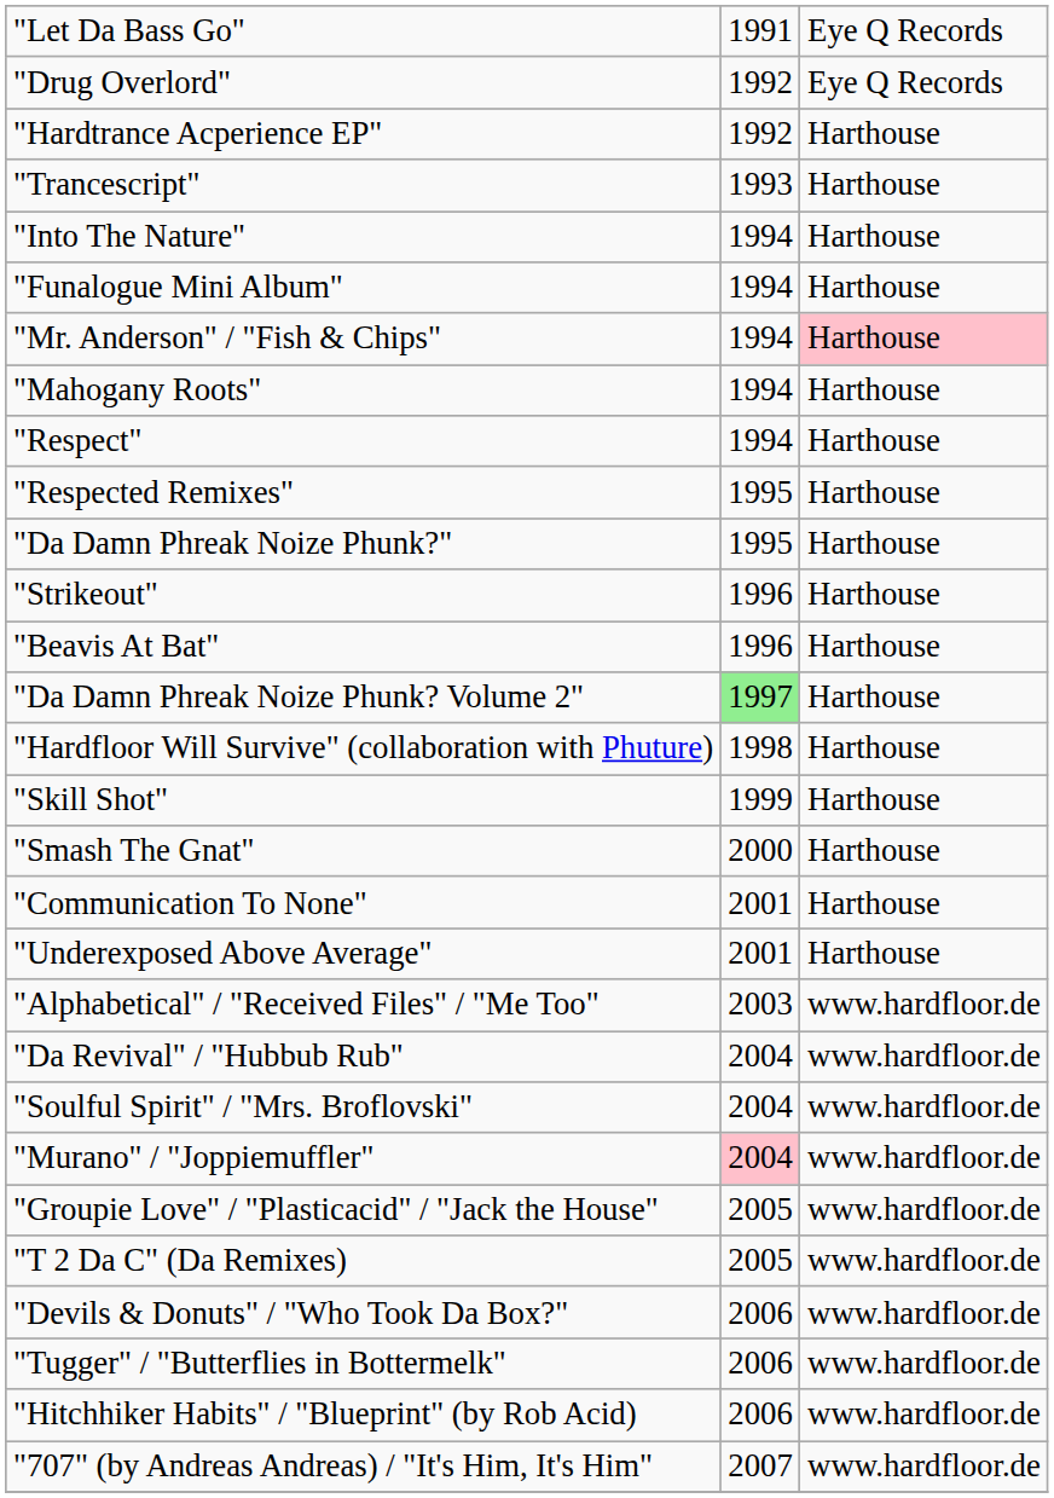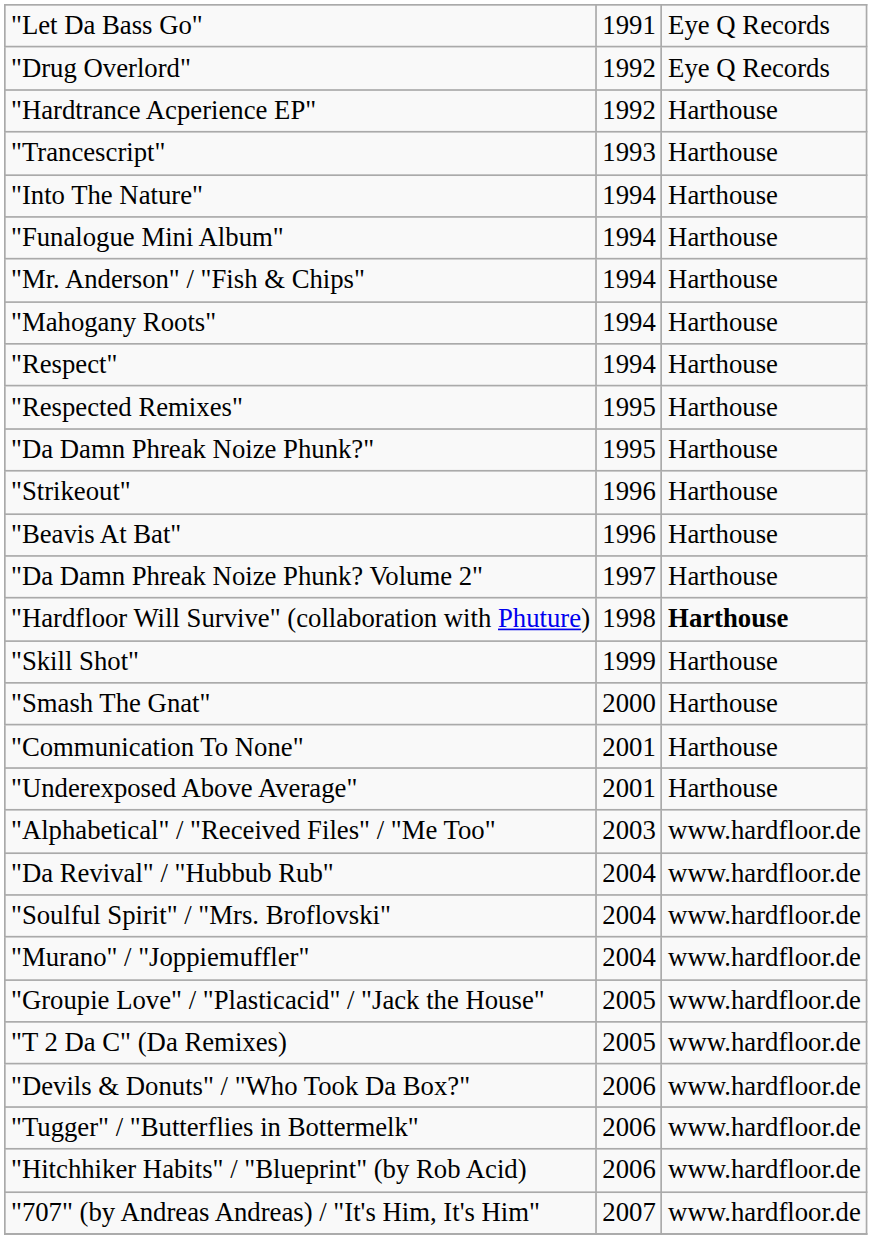 <table class="wikitable">
 <tr>
 <td>"Let Da Bass Go"</td>
 <td>1991</td>
 <td>Eye Q Records</td>
 </tr>
 <tr>
 <td>"Drug Overlord"</td>
 <td>1992</td>
 <td>Eye Q Records</td>
 </tr>
 <tr>
 <td>"Hardtrance Acperience EP"</td>
 <td>1992</td>
 <td>Harthouse</td>
 </tr>
 <tr>
 <td>"Trancescript"</td>
 <td>1993</td>
 <td>Harthouse</td>
 </tr>
 <tr>
 <td>"Into The Nature"</td>
 <td>1994</td>
 <td>Harthouse</td>
 </tr>
 <tr>
 <td>"Funalogue Mini Album"</td>
 <td>1994</td>
 <td>Harthouse</td>
 </tr>
 <tr>
 <td>"Mr. Anderson" / "Fish & Chips"</td>
 <td>1994</td>
-<td style="background: pink;">Harthouse</td>
+<td>Harthouse</td>
 </tr>
 <tr>
 <td>"Mahogany Roots"</td>
 <td>1994</td>
 <td>Harthouse</td>
 </tr>
 <tr>
 <td>"Respect"</td>
 <td>1994</td>
 <td>Harthouse</td>
 </tr>
 <tr>
 <td>"Respected Remixes"</td>
 <td>1995</td>
 <td>Harthouse</td>
 </tr>
 <tr>
 <td>"Da Damn Phreak Noize Phunk?"</td>
 <td>1995</td>
 <td>Harthouse</td>
 </tr>
 <tr>
 <td>"Strikeout"</td>
 <td>1996</td>
 <td>Harthouse</td>
 </tr>
 <tr>
 <td>"Beavis At Bat"</td>
 <td>1996</td>
 <td>Harthouse</td>
 </tr>
 <tr>
 <td>"Da Damn Phreak Noize Phunk? Volume 2"</td>
-<td style="background: lightgreen;">1997</td>
+<td>1997</td>
 <td>Harthouse</td>
 </tr>
 <tr>
 <td>"Hardfloor Will Survive" (collaboration with <a href='#'>Phuture</a>)</td>
 <td>1998</td>
-<td>Harthouse</td>
+<td><strong>Harthouse</strong></td>
 </tr>
 <tr>
 <td>"Skill Shot"</td>
 <td>1999</td>
 <td>Harthouse</td>
 </tr>
 <tr>
 <td>"Smash The Gnat"</td>
 <td>2000</td>
 <td>Harthouse</td>
 </tr>
 <tr>
 <td>"Communication To None"</td>
 <td>2001</td>
 <td>Harthouse</td>
 </tr>
 <tr>
 <td>"Underexposed Above Average"</td>
 <td>2001</td>
 <td>Harthouse</td>
 </tr>
 <tr>
 <td>"Alphabetical" / "Received Files" / "Me Too"</td>
 <td>2003</td>
 <td>www.hardfloor.de</td>
 </tr>
 <tr>
 <td>"Da Revival" / "Hubbub Rub"</td>
 <td>2004</td>
 <td>www.hardfloor.de</td>
 </tr>
 <tr>
 <td>"Soulful Spirit" / "Mrs. Broflovski"</td>
 <td>2004</td>
 <td>www.hardfloor.de</td>
 </tr>
 <tr>
 <td>"Murano" / "Joppiemuffler"</td>
-<td style="background: pink;">2004</td>
+<td>2004</td>
 <td>www.hardfloor.de</td>
 </tr>
 <tr>
 <td>"Groupie Love" / "Plasticacid" / "Jack the House"</td>
 <td>2005</td>
 <td>www.hardfloor.de</td>
 </tr>
 <tr>
 <td>"T 2 Da C" (Da Remixes)</td>
 <td>2005</td>
 <td>www.hardfloor.de</td>
 </tr>
 <tr>
 <td>"Devils & Donuts" / "Who Took Da Box?"</td>
 <td>2006</td>
 <td>www.hardfloor.de</td>
 </tr>
 <tr>
 <td>"Tugger" / "Butterflies in Bottermelk"</td>
 <td>2006</td>
 <td>www.hardfloor.de</td>
 </tr>
 <tr>
 <td>"Hitchhiker Habits" / "Blueprint" (by Rob Acid)</td>
 <td>2006</td>
 <td>www.hardfloor.de</td>
 </tr>
 <tr>
 <td>"707" (by Andreas Andreas) / "It's Him, It's Him"</td>
 <td>2007</td>
 <td>www.hardfloor.de</td>
 </tr>
 <tr>
 </tr>
 </table>
